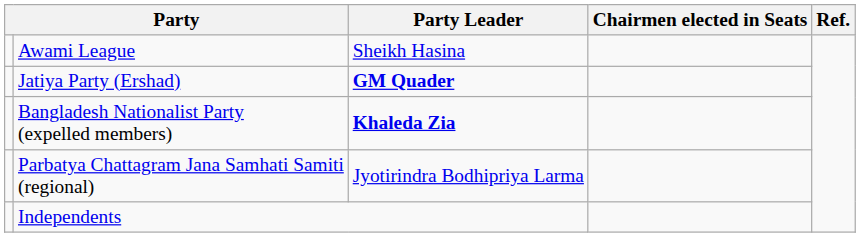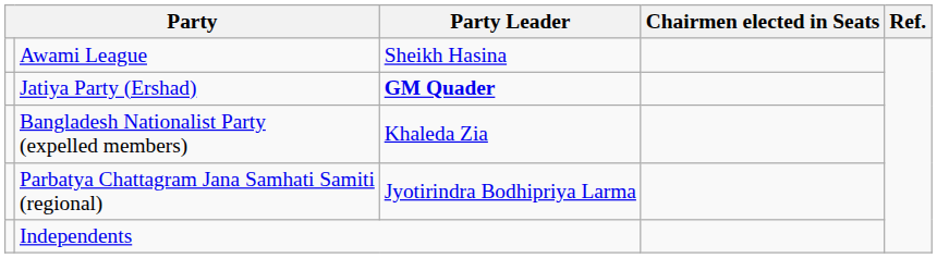 <table class="wikitable">
 <tr>
 <th colspan="2">Party</th>
 <th>Party Leader</th>
 <th>Chairmen elected in Seats</th>
 <th>Ref.</th>
 </tr>
 <tr>
 <td></td>
 <td><a href='#'>Awami League</a></td>
 <td><a href='#'>Sheikh Hasina</a></td>
 <td></td>
 <td rowspan="5"></td>
 </tr>
 <tr>
 <td></td>
 <td><a href='#'>Jatiya Party (Ershad)</a></td>
 <td><strong><a href='#'>GM Quader</a></strong></td>
 <td></td>
 </tr>
 <tr>
 <td></td>
 <td><a href='#'>Bangladesh Nationalist Party</a><br>(expelled members)</td>
-<td><strong><a href='#'>Khaleda Zia</a></strong></td>
+<td><a href='#'>Khaleda Zia</a></td>
 <td></td>
 </tr>
 <tr>
 <td></td>
 <td><a href='#'>Parbatya Chattagram Jana Samhati Samiti</a><br>(regional)</td>
 <td><a href='#'>Jyotirindra Bodhipriya Larma</a></td>
 <td></td>
 </tr>
 <tr>
 <td></td>
 <td colspan="2"><a href='#'>Independents</a></td>
 <td></td>
 </tr>
 </table>
